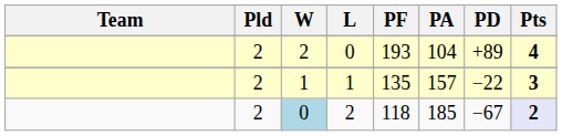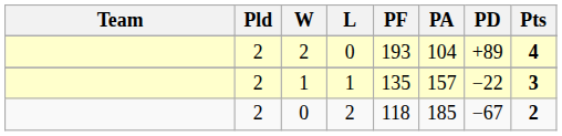 <table class=wikitable style="text-align:center">
 <tr>
 <th width=180>Team</th>
 <th width=30>Pld</th>
 <th width=30>W</th>
 <th width=30>L</th>
 <th width=30>PF</th>
 <th width=30>PA</th>
 <th width=30>PD</th>
 <th width=30>Pts</th>
 </tr>
 <tr>
 </tr>
 <tr bgcolor="#ffffcc">
 <td align="left"></td>
 <td>2</td>
 <td>2</td>
 <td>0</td>
 <td>193</td>
 <td>104</td>
 <td>+89</td>
 <td><strong>4</strong></td>
 </tr>
 <tr>
 </tr>
 <tr bgcolor="#ffffcc">
 <td align="left"></td>
 <td>2</td>
 <td>1</td>
 <td>1</td>
 <td>135</td>
 <td>157</td>
 <td>−22</td>
 <td><strong>3</strong></td>
 </tr>
 <tr>
 <td align="left"></td>
 <td>2</td>
-<td style="background: lightblue;">0</td>
+<td>0</td>
 <td>2</td>
 <td>118</td>
 <td>185</td>
 <td>−67</td>
-<td style="background: lavender;"><strong>2</strong></td>
+<td><strong>2</strong></td>
 </tr>
 </table>
